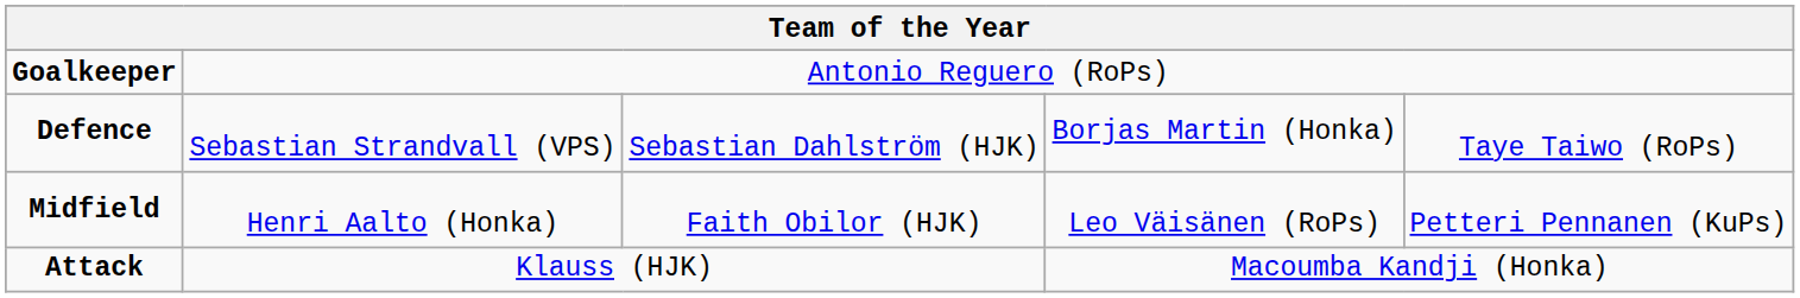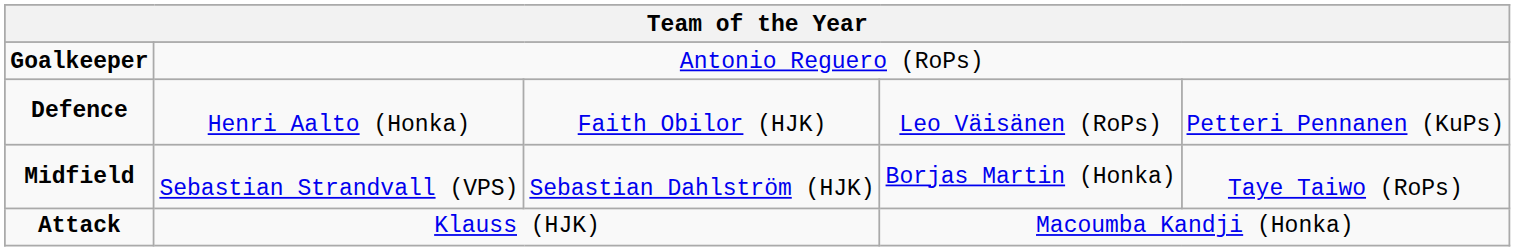 <table class="wikitable" style="text-align:center">
 <tr>
 <th colspan="13">Team of the Year</th>
 </tr>
 <tr>
 <td><strong>Goalkeeper</strong></td>
 <td colspan="4"> <a href='#'>Antonio Reguero</a> (RoPs)</td>
 </tr>
 <tr>
 <td><strong>Defence</strong></td>
+<td lowspan="1"><br><a href='#'>Henri Aalto</a> (Honka)</td>
+<td lowspan="1"><br><a href='#'>Faith  Obilor</a> (HJK)</td>
+<td><br><a href='#'>Leo Väisänen</a> (RoPs)</td>
+<td lowspan="1"><br><a href='#'>Petteri Pennanen</a> (KuPs)</td>
+</tr>
+<tr>
+<td><strong>Midfield</strong></td>
 <td><br><a href='#'>Sebastian Strandvall</a> (VPS)</td>
 <td lowspan="1"><br> <a href='#'>Sebastian Dahlström</a> (HJK)</td>
 <td lowspan="1"> <a href='#'>Borjas Martin</a> (Honka)</td>
 <td><br><a href='#'>Taye Taiwo</a> (RoPs)</td>
-</tr>
-<tr>
-<td><strong>Midfield</strong></td>
-<td lowspan="1"><br><a href='#'>Henri Aalto</a> (Honka)</td>
-<td lowspan="1"><br><a href='#'>Faith  Obilor</a> (HJK)</td>
-<td><br><a href='#'>Leo Väisänen</a> (RoPs)</td>
-<td lowspan="1"><br><a href='#'>Petteri Pennanen</a> (KuPs)</td>
 </tr>
 <tr>
 <td><strong>Attack</strong></td>
 <td colspan="2.5"> <a href='#'>Klauss</a> (HJK)</td>
 <td colspan="2.5"> <a href='#'>Macoumba Kandji</a> (Honka)</td>
 </tr>
 </table>
